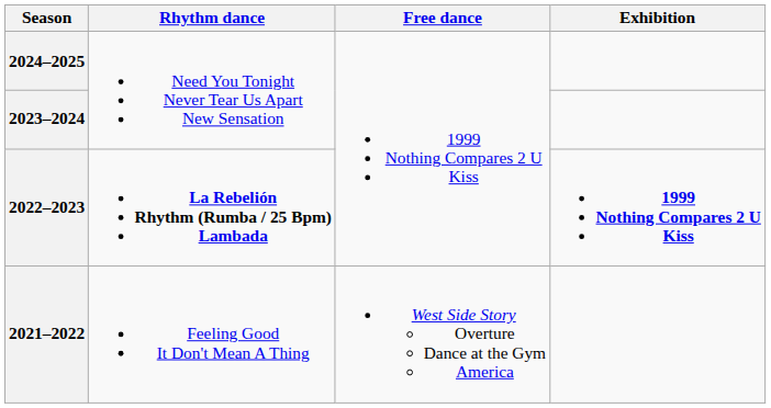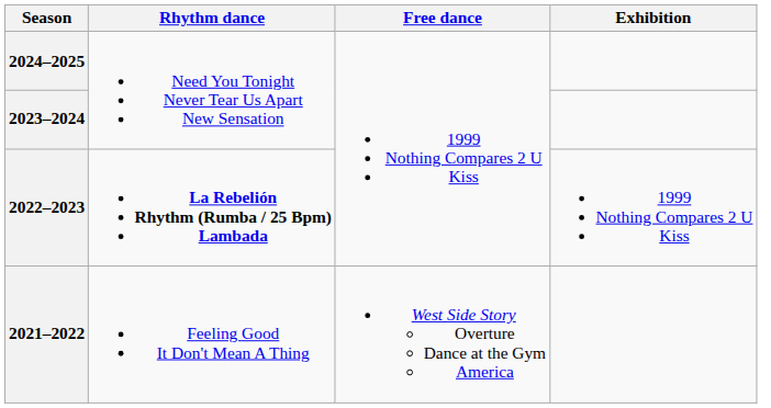 <table class=wikitable style=text-align:center>
 <tr>
 <th>Season</th>
 <th><a href='#'>Rhythm dance</a></th>
 <th><a href='#'>Free dance</a></th>
 <th>Exhibition</th>
 </tr>
 <tr>
 <th>2024–2025 <br> </th>
 <td rowspan=2><br><ul><li><a href='#'>Need You Tonight</a></li><li><a href='#'>Never Tear Us Apart</a></li><li><a href='#'>New Sensation</a> <br> </li></ul></td>
 <td rowspan=3><br><ul><li><a href='#'>1999</a></li><li><a href='#'>Nothing Compares 2 U</a></li><li><a href='#'>Kiss</a> <br> </li></ul></td>
 <td></td>
 </tr>
 <tr>
 <th>2023–2024 <br> </th>
 <td></td>
 </tr>
 <tr>
 <th>2022–2023 <br> </th>
 <td><strong><br><ul><li> <a href='#'>La Rebelión</a> <br> </li><li> Rhythm (Rumba / 25 Bpm) <br> </li><li> <a href='#'>Lambada</a> <br> </li></ul></strong></td>
-<td><strong><br><ul><li><a href='#'>1999</a></li><li><a href='#'>Nothing Compares 2 U</a></li><li><a href='#'>Kiss</a> <br> </li></ul></strong></td>
+<td><br><ul><li><a href='#'>1999</a></li><li><a href='#'>Nothing Compares 2 U</a></li><li><a href='#'>Kiss</a> <br> </li></ul></td>
 </tr>
 <tr>
 <th>2021–2022 <br> </th>
 <td><br><ul><li> <a href='#'>Feeling Good</a> <br> </li><li> <a href='#'>It Don't Mean A Thing</a> <br> </li></ul></td>
 <td><br><ul><li><em><a href='#'>West Side Story</a></em><ul><li>Overture</li><li>Dance at the Gym</li><li><a href='#'>America</a> <br> </li></ul></li></ul></td>
 <td></td>
 </tr>
 </table>
